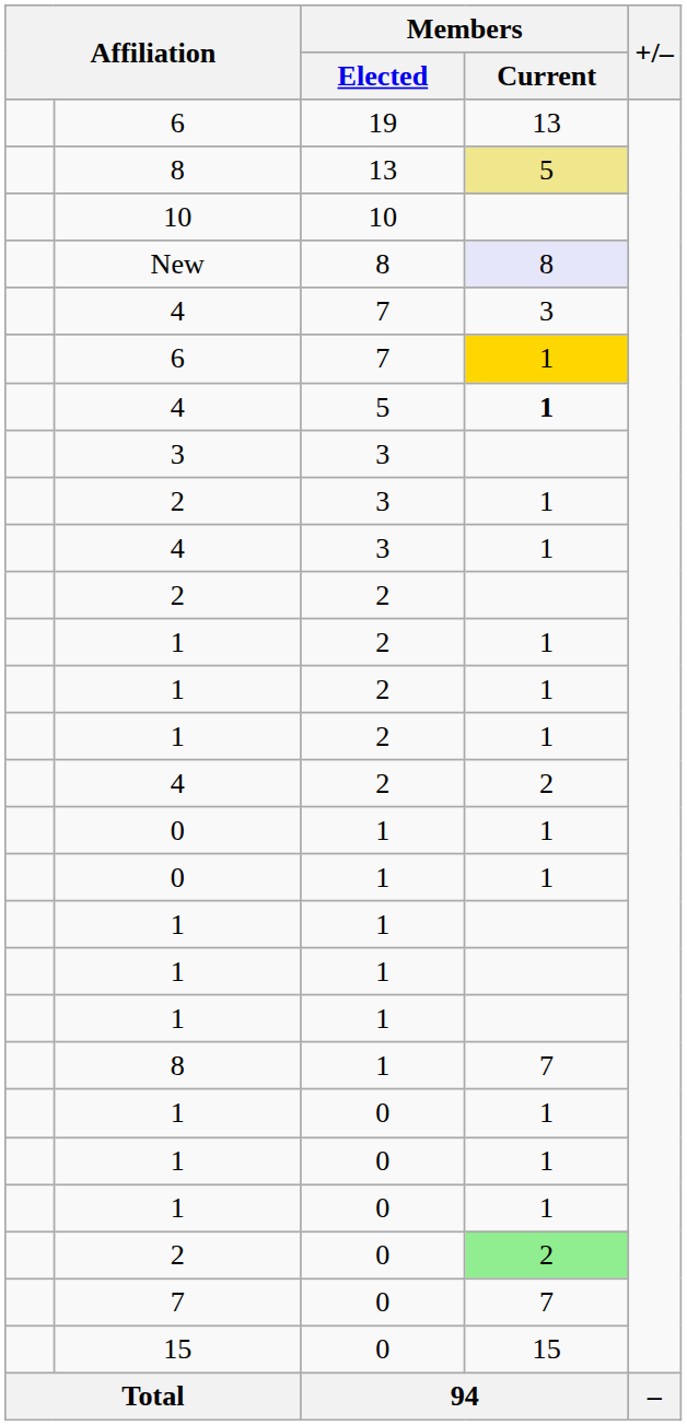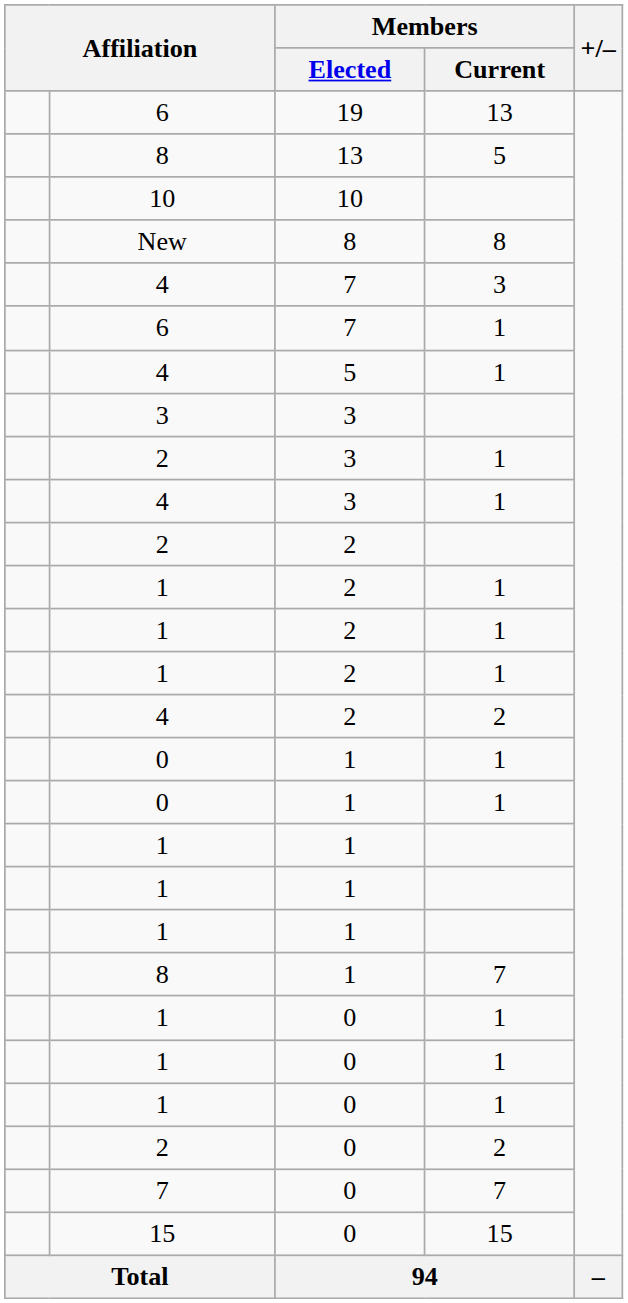 <table class="wikitable" border="1" style="font-size: 95%; text-align: center;">
 <tr>
 <th colspan="2" rowspan="2" class="unsortable" style="text-align: center; vertical-align: middle; width: 150px;">Affiliation</th>
 <th colspan="2" style="vertical-align: top;">Members</th>
 <th rowspan="2">+/–</th>
 </tr>
 <tr>
 <th data-sort-type="number" style="width: 80px;"><a href='#'>Elected</a></th>
 <th style="width: 80px;">Current</th>
 </tr>
 <tr>
 <td></td>
 <td style="text-align: center;">6</td>
 <td style="text-align: center;">19</td>
 <td>13</td>
 </tr>
 <tr>
 <td></td>
 <td style="text-align: center;">8</td>
 <td style="text-align: center;">13</td>
-<td style="background: khaki;">5</td>
+<td>5</td>
 </tr>
 <tr>
 <td></td>
 <td style="text-align: center;">10</td>
 <td style="text-align: center;">10</td>
 <td></td>
 </tr>
 <tr>
 <td></td>
 <td style="text-align: center;">New</td>
 <td style="text-align: center;">8</td>
-<td style="background: lavender;">8</td>
+<td>8</td>
 </tr>
 <tr>
 <td></td>
 <td style="text-align: center;">4</td>
 <td style="text-align: center;">7</td>
 <td>3</td>
 </tr>
 <tr>
 <td></td>
 <td style="text-align: center;">6</td>
 <td style="text-align: center;">7</td>
-<td style="background: gold;">1</td>
+<td>1</td>
 </tr>
 <tr>
 <td></td>
 <td style="text-align: center;">4</td>
 <td style="text-align: center;">5</td>
-<td><strong>1</strong></td>
+<td>1</td>
 </tr>
 <tr>
 <td></td>
 <td style="text-align: center;">3</td>
 <td style="text-align: center;">3</td>
 <td></td>
 </tr>
 <tr>
 <td></td>
 <td style="text-align: center;">2</td>
 <td style="text-align: center;">3</td>
 <td>1</td>
 </tr>
 <tr>
 <td></td>
 <td style="text-align: center;">4</td>
 <td style="text-align: center;">3</td>
 <td>1</td>
 </tr>
 <tr>
 <td></td>
 <td style="text-align: center;">2</td>
 <td style="text-align: center;">2</td>
 <td></td>
 </tr>
 <tr>
 <td></td>
 <td style="text-align: center;">1</td>
 <td style="text-align: center;">2</td>
 <td>1</td>
 </tr>
 <tr>
 <td></td>
 <td style="text-align: center;">1</td>
 <td style="text-align: center;">2</td>
 <td>1</td>
 </tr>
 <tr>
 <td></td>
 <td style="text-align: center;">1</td>
 <td style="text-align: center;">2</td>
 <td>1</td>
 </tr>
 <tr>
 <td></td>
 <td style="text-align: center;">4</td>
 <td style="text-align: center;">2</td>
 <td>2</td>
 </tr>
 <tr>
 <td></td>
 <td style="text-align: center;">0</td>
 <td style="text-align: center;">1</td>
 <td>1</td>
 </tr>
 <tr>
 <td></td>
 <td style="text-align: center;">0</td>
 <td style="text-align: center;">1</td>
 <td>1</td>
 </tr>
 <tr>
 <td></td>
 <td style="text-align: center;">1</td>
 <td style="text-align: center;">1</td>
 <td></td>
 </tr>
 <tr>
 <td></td>
 <td style="text-align: center;">1</td>
 <td style="text-align: center;">1</td>
 <td></td>
 </tr>
 <tr>
 <td></td>
 <td style="text-align: center;">1</td>
 <td style="text-align: center;">1</td>
 <td></td>
 </tr>
 <tr>
 <td></td>
 <td style="text-align: center;">8</td>
 <td style="text-align: center;">1</td>
 <td>7</td>
 </tr>
 <tr>
 <td></td>
 <td style="text-align: center;">1</td>
 <td style="text-align: center;">0</td>
 <td>1</td>
 </tr>
 <tr>
 <td></td>
 <td style="text-align: center;">1</td>
 <td style="text-align: center;">0</td>
 <td>1</td>
 </tr>
 <tr>
 <td></td>
 <td style="text-align: center;">1</td>
 <td style="text-align: center;">0</td>
 <td>1</td>
 </tr>
 <tr>
 <td></td>
 <td style="text-align: center;">2</td>
 <td style="text-align: center;">0</td>
-<td style="background: lightgreen;">2</td>
+<td>2</td>
 </tr>
 <tr>
 <td></td>
 <td style="text-align: center;">7</td>
 <td style="text-align: center;">0</td>
 <td>7</td>
 </tr>
 <tr>
 <td></td>
 <td style="text-align: center;">15</td>
 <td style="text-align: center;">0</td>
 <td>15</td>
 </tr>
 <tr>
 <th colspan="2">Total</th>
 <th colspan="2">94</th>
 <th>–</th>
 </tr>
 </table>
